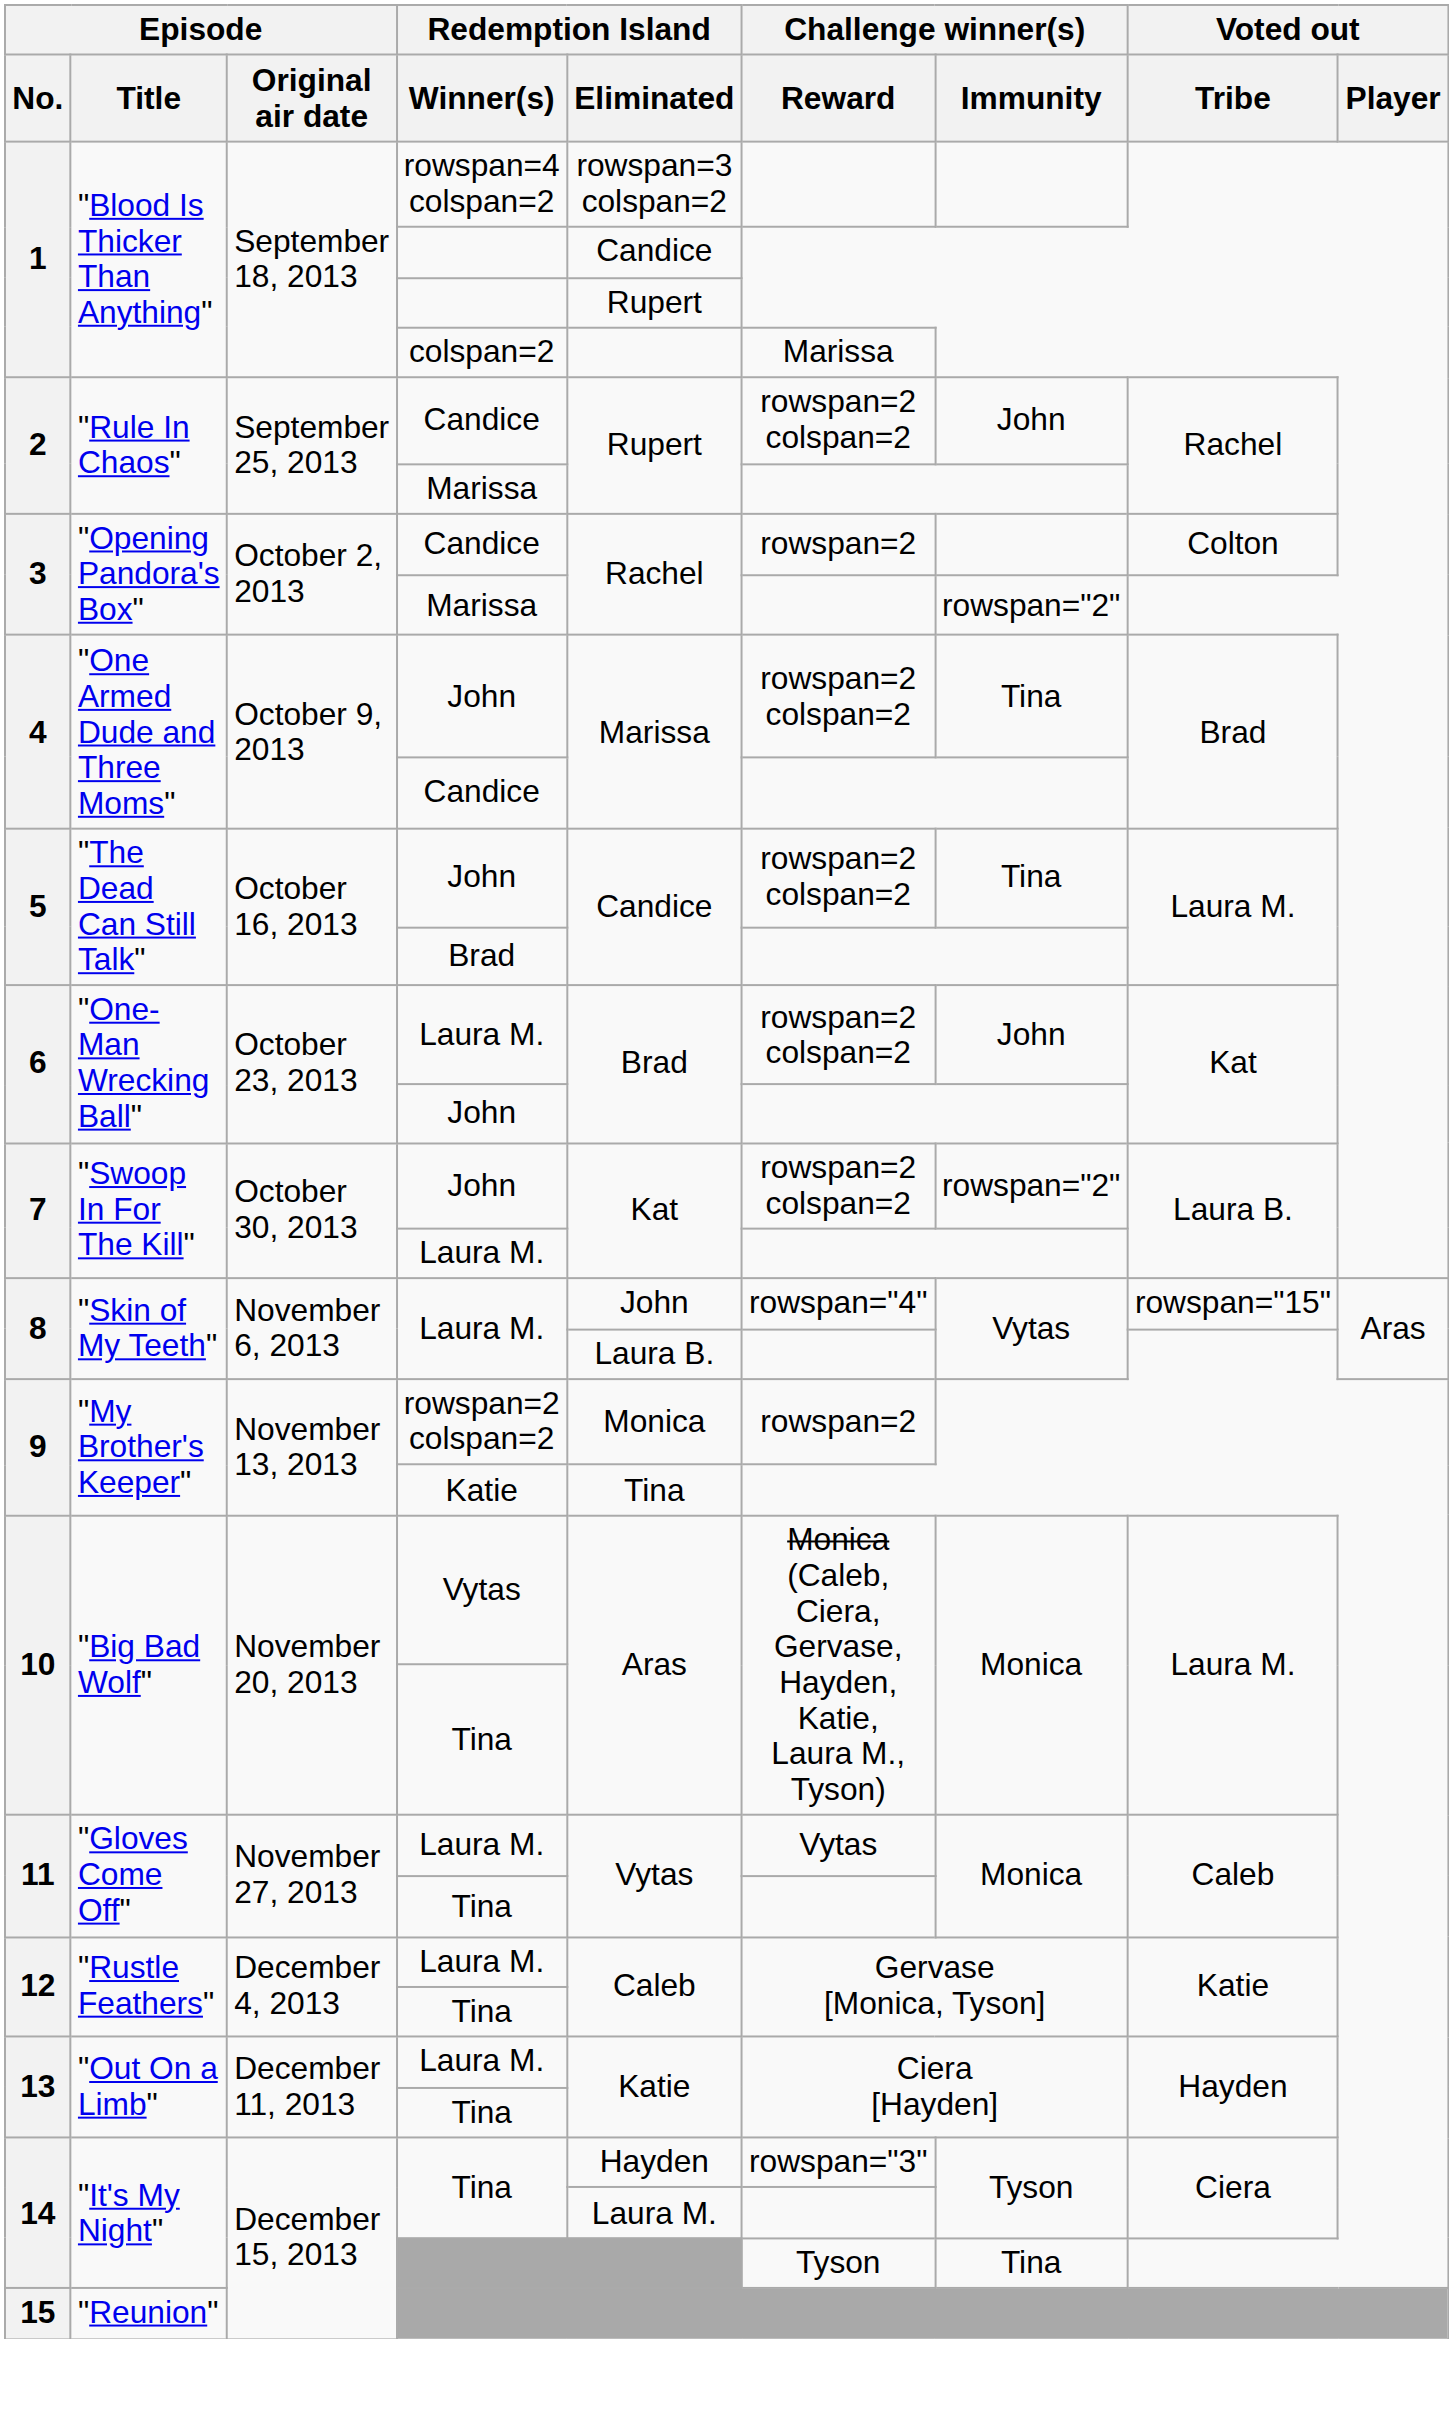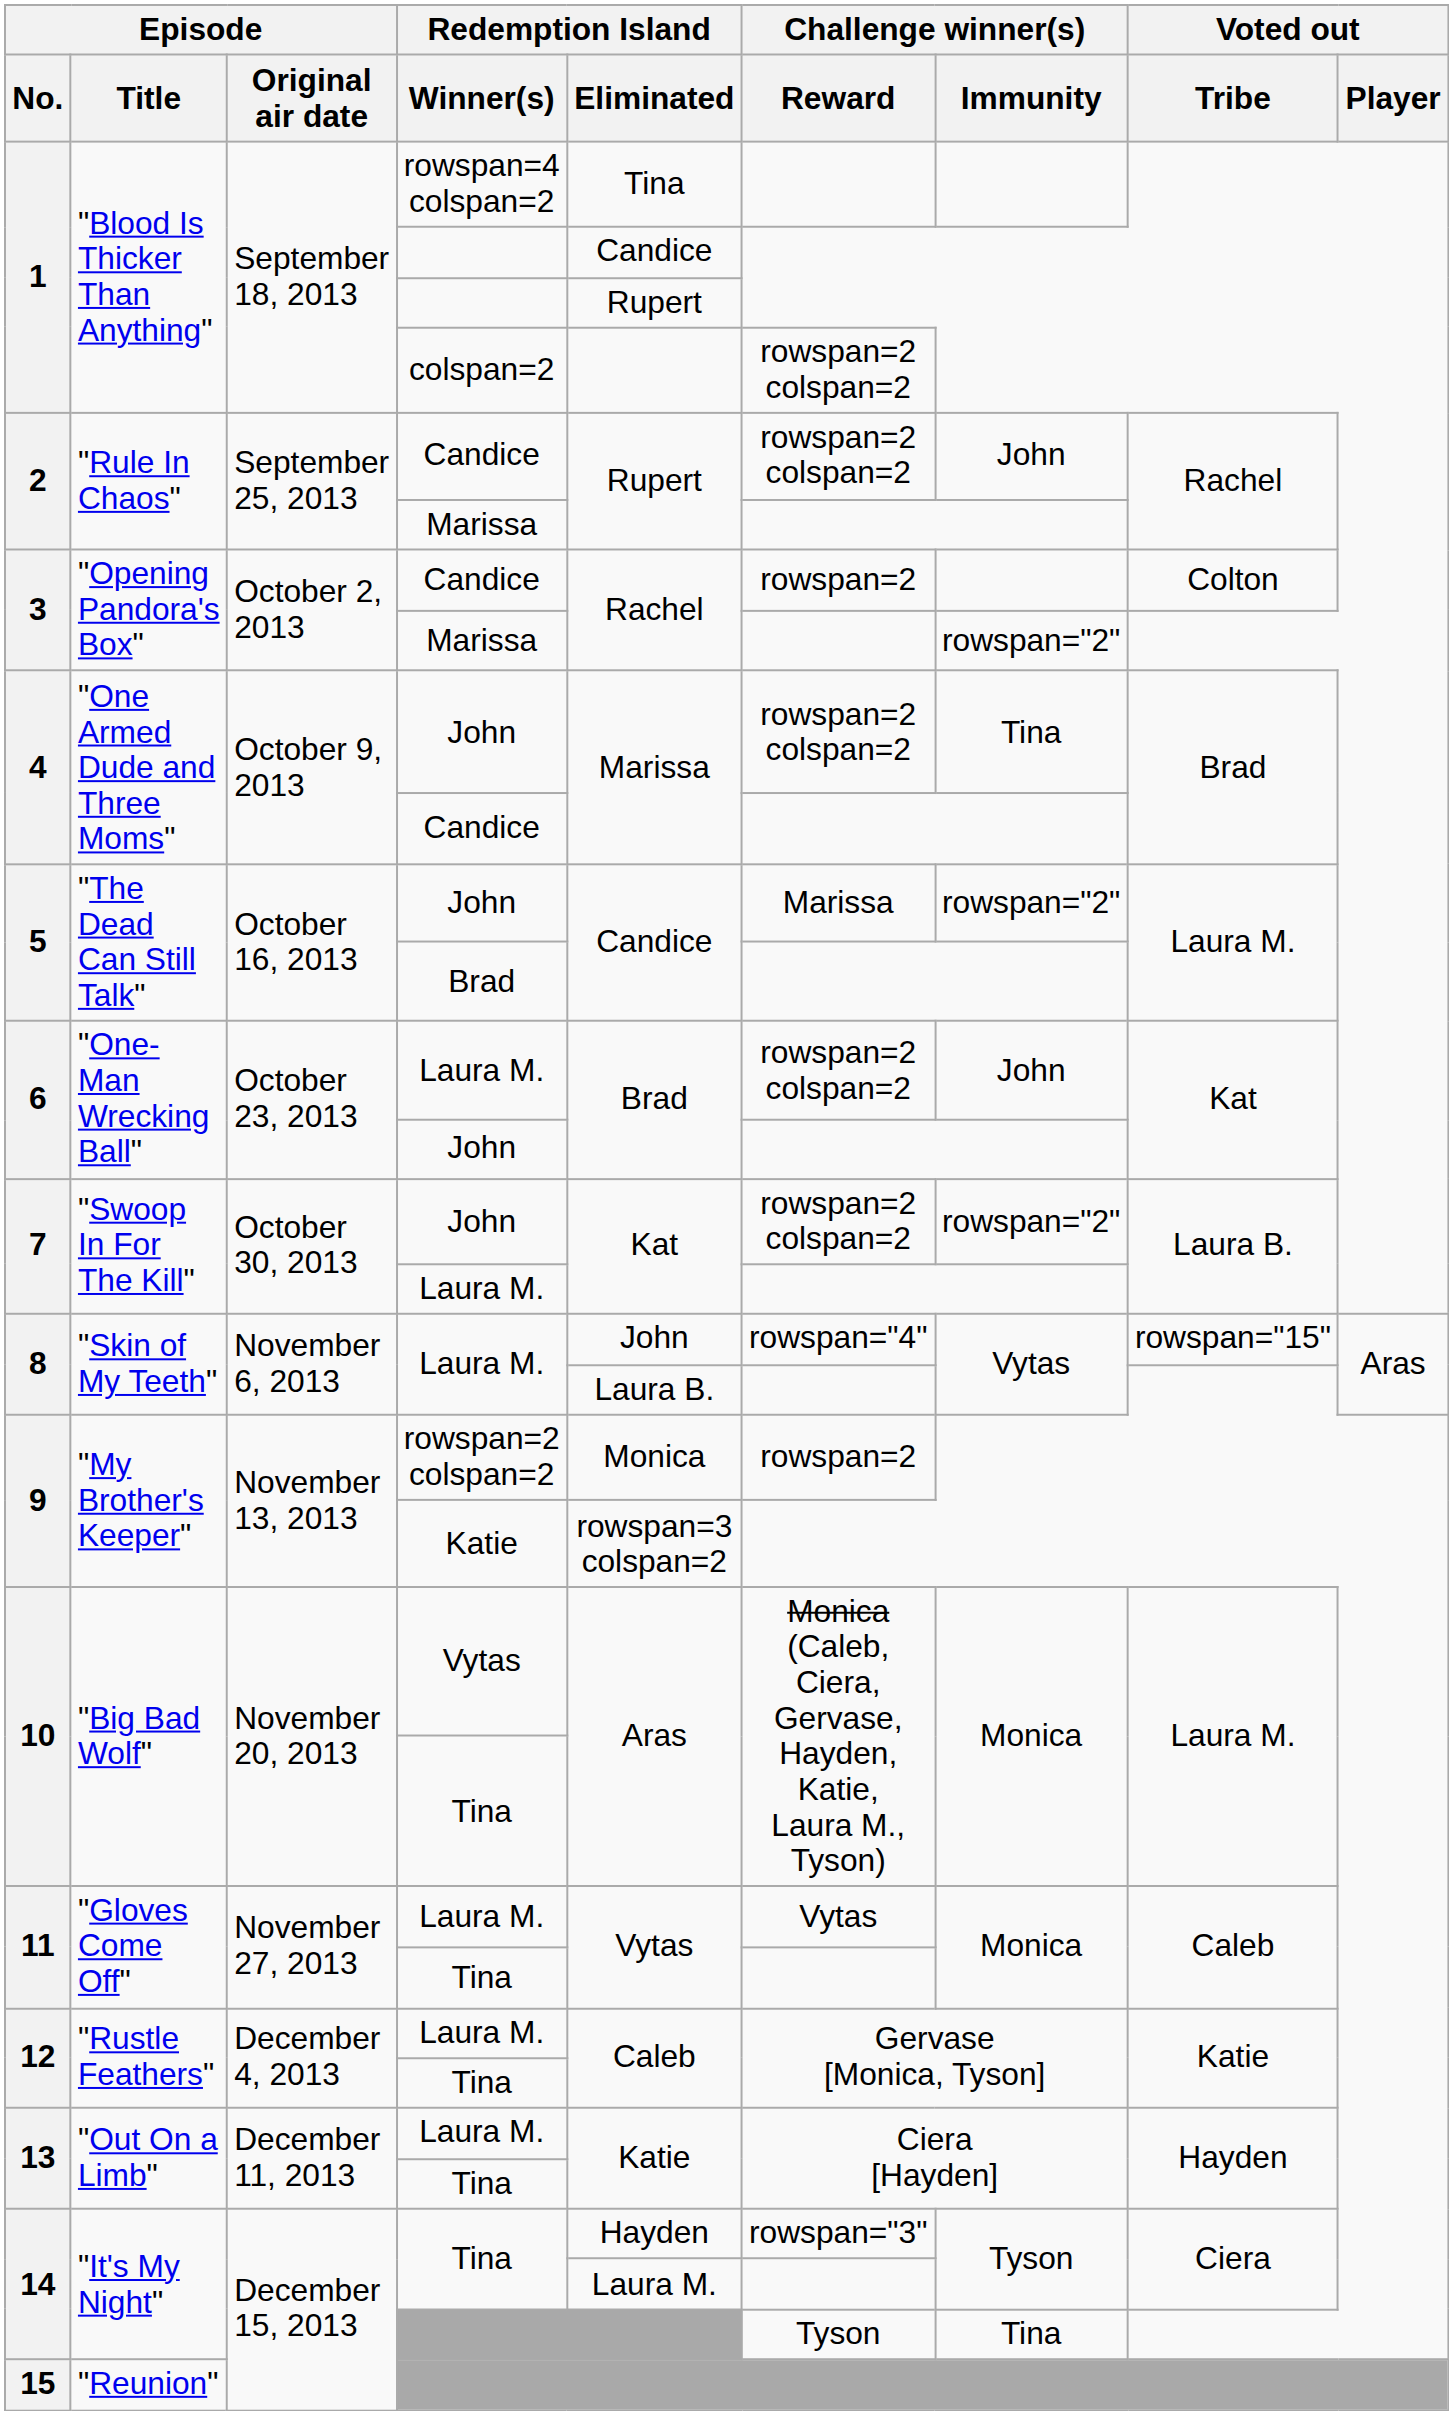 <table class="wikitable" style="margin:auto; text-align:center">
 <tr>
 <th colspan=3>Episode</th>
 <th colspan=2>Redemption Island</th>
 <th colspan=2>Challenge winner(s)</th>
 <th colspan="2">Voted out</th>
 </tr>
 <tr>
 <th>No.</th>
 <th>Title</th>
 <th>Original air date</th>
 <th>Winner(s)</th>
 <th>Eliminated</th>
 <th>Reward</th>
 <th>Immunity</th>
 <th>Tribe</th>
 <th>Player</th>
 </tr>
 <tr>
 <th rowspan=4>1</th>
 <td rowspan=4 align="left">"<a href='#'>Blood Is Thicker Than Anything</a>"</td>
 <td rowspan=4 align="left">September 18, 2013</td>
 <td>rowspan=4 colspan=2 </td>
-<td>rowspan=3 colspan=2 </td>
+<td>Tina</td>
 <td></td>
 <td></td>
 </tr>
 <tr>
 <td></td>
 <td>Candice</td>
 </tr>
 <tr>
 <td></td>
 <td>Rupert</td>
 </tr>
 <tr>
 <td>colspan=2 </td>
 <td></td>
-<td>Marissa</td>
+<td>rowspan=2 colspan=2 </td>
 </tr>
 <tr>
 <th rowspan=2>2</th>
 <td rowspan=2 align="left">"<a href='#'>Rule In Chaos</a>"</td>
 <td rowspan=2 align="left">September 25, 2013</td>
 <td>Candice</td>
 <td rowspan=2>Rupert</td>
 <td>rowspan=2 colspan=2 </td>
 <td>John</td>
 <td rowspan=2>Rachel</td>
 </tr>
 <tr>
 <td>Marissa</td>
 </tr>
 <tr>
 <th rowspan=2>3</th>
 <td rowspan=2 align="left">"<a href='#'>Opening Pandora's Box</a>"</td>
 <td rowspan=2 align="left">October 2, 2013</td>
 <td>Candice</td>
 <td rowspan=2>Rachel</td>
 <td>rowspan=2 </td>
 <td></td>
 <td>Colton</td>
 </tr>
 <tr>
 <td>Marissa</td>
 <td></td>
 <td>rowspan="2" </td>
 </tr>
 <tr>
 <th rowspan=2>4</th>
 <td rowspan=2 align="left">"<a href='#'>One Armed Dude and Three Moms</a>"</td>
 <td rowspan=2 align="left">October 9, 2013</td>
 <td>John</td>
 <td rowspan=2>Marissa</td>
 <td>rowspan=2 colspan=2 </td>
 <td>Tina</td>
 <td rowspan=2>Brad</td>
 </tr>
 <tr>
 <td>Candice</td>
 </tr>
 <tr>
 <th rowspan=2>5</th>
 <td rowspan=2 align="left">"<a href='#'>The Dead Can Still Talk</a>"</td>
 <td rowspan=2 align="left">October 16, 2013</td>
 <td>John</td>
 <td rowspan=2>Candice</td>
-<td>rowspan=2 colspan=2 </td>
-<td>Tina</td>
+<td>Marissa</td>
+<td>rowspan="2" </td>
 <td rowspan=2>Laura M.</td>
 </tr>
 <tr>
 <td>Brad</td>
 </tr>
 <tr>
 <th rowspan=2>6</th>
 <td rowspan=2 align="left">"<a href='#'>One-Man Wrecking Ball</a>"</td>
 <td rowspan=2 align="left">October 23, 2013</td>
 <td>Laura M.</td>
 <td rowspan=2>Brad</td>
 <td>rowspan=2 colspan=2 </td>
 <td>John</td>
 <td rowspan=2>Kat</td>
 </tr>
 <tr>
 <td>John</td>
 </tr>
 <tr>
 <th rowspan=2>7</th>
 <td rowspan=2 align="left">"<a href='#'>Swoop In For The Kill</a>"</td>
 <td rowspan=2 align="left">October 30, 2013</td>
 <td>John</td>
 <td rowspan=2>Kat</td>
 <td>rowspan=2 colspan=2 </td>
 <td>rowspan="2" </td>
 <td rowspan=2>Laura B.</td>
 </tr>
 <tr>
 <td>Laura M.</td>
 </tr>
 <tr>
 <th rowspan=2>8</th>
 <td rowspan=2 align="left">"<a href='#'>Skin of My Teeth</a>"</td>
 <td rowspan=2 align="left">November 6, 2013</td>
 <td rowspan=2>Laura M.</td>
 <td>John</td>
 <td>rowspan="4" </td>
 <td rowspan=2>Vytas</td>
 <td>rowspan="15" </td>
 <td rowspan=2>Aras</td>
 </tr>
 <tr>
 <td>Laura B.</td>
 </tr>
 <tr>
 <th rowspan=2>9</th>
 <td rowspan=2 align="left">"<a href='#'>My Brother's Keeper</a>"</td>
 <td rowspan=2 align="left">November 13, 2013</td>
 <td>rowspan=2 colspan=2 </td>
 <td>Monica</td>
 <td>rowspan=2 </td>
 </tr>
 <tr>
 <td>Katie</td>
-<td>Tina</td>
+<td>rowspan=3 colspan=2 </td>
 </tr>
 <tr>
 <th rowspan=2>10</th>
 <td rowspan=2 align="left">"<a href='#'>Big Bad Wolf</a>"</td>
 <td rowspan=2 align="left">November 20, 2013</td>
 <td>Vytas</td>
 <td rowspan=2>Aras</td>
 <td rowspan=2><s>Monica</s><br>(Caleb,<br>Ciera, Gervase,<br>Hayden, Katie,<br>Laura M., Tyson)</td>
 <td rowspan=2>Monica</td>
 <td rowspan=2>Laura M.</td>
 </tr>
 <tr>
 <td>Tina</td>
 </tr>
 <tr>
 <th rowspan=2>11</th>
 <td rowspan=2 align="left">"<a href='#'>Gloves Come Off</a>"</td>
 <td rowspan=2 align="left">November 27, 2013</td>
 <td>Laura M.</td>
 <td rowspan=2>Vytas</td>
 <td>Vytas</td>
 <td rowspan=2>Monica</td>
 <td rowspan=2>Caleb</td>
 </tr>
 <tr>
 <td>Tina</td>
 </tr>
 <tr>
 <th rowspan=2>12</th>
 <td rowspan=2 align="left">"<a href='#'>Rustle Feathers</a>"</td>
 <td rowspan=2 align="left">December 4, 2013</td>
 <td>Laura M.</td>
 <td rowspan=2>Caleb</td>
 <td rowspan=2 colspan=2>Gervase<br>[Monica, Tyson]</td>
 <td rowspan=2>Katie</td>
 </tr>
 <tr>
 <td>Tina</td>
 </tr>
 <tr>
 <th rowspan=2>13</th>
 <td rowspan=2 align="left">"<a href='#'>Out On a Limb</a>"</td>
 <td rowspan=2 align="left">December 11, 2013</td>
 <td>Laura M.</td>
 <td rowspan=2>Katie</td>
 <td rowspan=2 colspan=2>Ciera<br>[Hayden]</td>
 <td rowspan=2>Hayden</td>
 </tr>
 <tr>
 <td>Tina</td>
 </tr>
 <tr>
 <th rowspan=3>14</th>
 <td rowspan=3 align="left">"<a href='#'>It's My Night</a>"</td>
 <td rowspan="4" align="left">December 15, 2013</td>
 <td rowspan=2>Tina</td>
 <td>Hayden</td>
 <td>rowspan="3" </td>
 <td rowspan=2>Tyson</td>
 <td rowspan=2>Ciera</td>
 </tr>
 <tr>
 <td>Laura M.</td>
 </tr>
 <tr>
 <td colspan="2" bgcolor="darkgray"></td>
 <td>Tyson</td>
 <td>Tina</td>
 </tr>
 <tr>
 <th>15</th>
 <td align="left">"<a href='#'>Reunion</a>"</td>
 <td colspan="6" bgcolor="darkgray"></td>
 </tr>
 </table>
